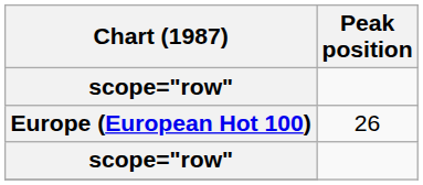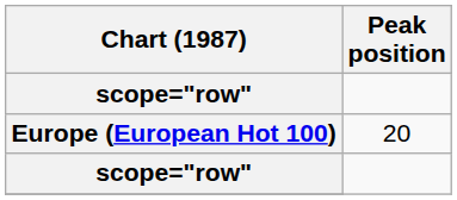 <table class="wikitable sortable plainrowheaders">
 <tr>
 <th>Chart (1987)</th>
 <th>Peak<br>position</th>
 </tr>
 <tr>
 <th>scope="row"</th>
 </tr>
 <tr>
 <th scope="row">Europe (<a href='#'>European Hot 100</a>)</th>
-<td align="center">26</td>
+<td align="center">20</td>
 </tr>
 <tr>
 <th>scope="row"</th>
 </tr>
 <tr>
 </tr>
 </table>
